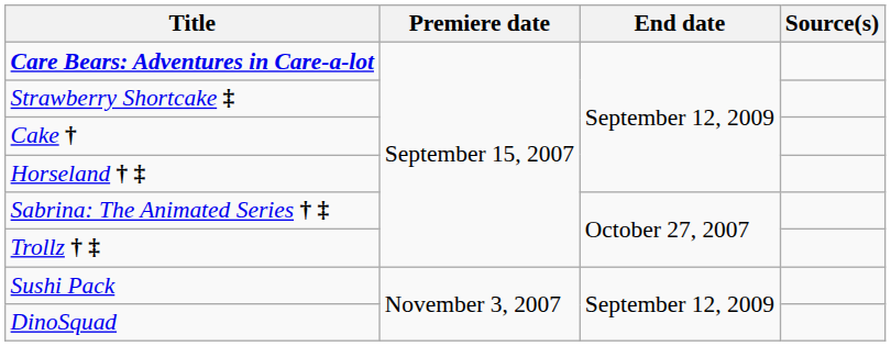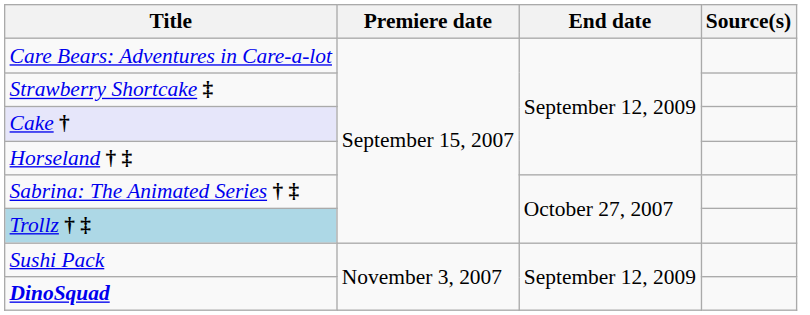 <table class="wikitable sortable">
 <tr>
 <th>Title</th>
 <th>Premiere date</th>
 <th>End date</th>
 <th>Source(s)</th>
 </tr>
 <tr>
-<td><strong><em><a href='#'>Care Bears: Adventures in Care-a-lot</a></em></strong></td>
+<td><em><a href='#'>Care Bears: Adventures in Care-a-lot</a></em></td>
 <td rowspan=6>September 15, 2007</td>
 <td rowspan=4>September 12, 2009</td>
 <td></td>
 </tr>
 <tr>
 <td><em><a href='#'>Strawberry Shortcake</a></em> <strong>‡</strong></td>
 <td></td>
 </tr>
 <tr>
-<td><em><a href='#'>Cake</a></em> <strong>†</strong></td>
+<td style="background: lavender;"><em><a href='#'>Cake</a></em> <strong>†</strong></td>
 <td></td>
 </tr>
 <tr>
 <td><em><a href='#'>Horseland</a></em> <strong>†</strong> <strong>‡</strong></td>
 <td></td>
 </tr>
 <tr>
 <td><em><a href='#'>Sabrina: The Animated Series</a></em> <strong>†</strong> <strong>‡</strong></td>
 <td rowspan=2>October 27, 2007</td>
 <td></td>
 </tr>
 <tr>
-<td><em><a href='#'>Trollz</a></em> <strong>†</strong> <strong>‡</strong></td>
+<td style="background: lightblue;"><em><a href='#'>Trollz</a></em> <strong>†</strong> <strong>‡</strong></td>
 <td></td>
 </tr>
 <tr>
 <td><em><a href='#'>Sushi Pack</a></em></td>
 <td rowspan=2>November 3, 2007</td>
 <td rowspan=2>September 12, 2009</td>
 <td></td>
 </tr>
 <tr>
-<td><em><a href='#'>DinoSquad</a></em></td>
+<td><strong><em><a href='#'>DinoSquad</a></em></strong></td>
 <td></td>
 </tr>
 </table>
